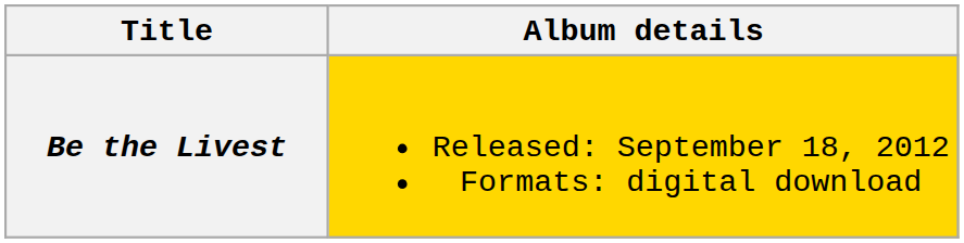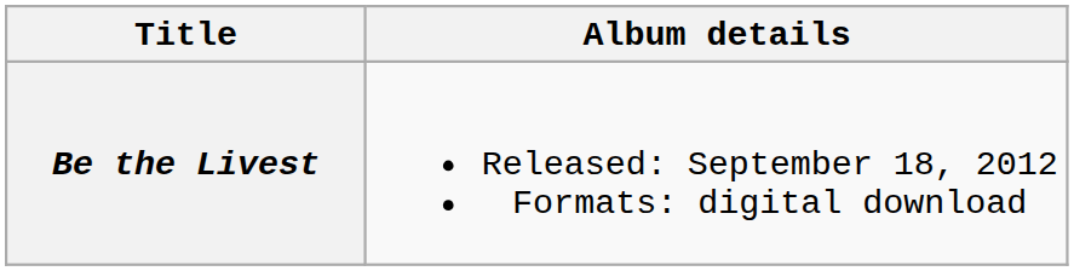 <table class="wikitable plainrowheaders" style="text-align:center;">
 <tr>
 <th scope="col" style="width:10em;">Title</th>
 <th scope="col" style="width:20em;">Album details</th>
 </tr>
 <tr>
 <th scope="row"><em>Be the Livest</em></th>
-<td style="background: gold;"><br><ul><li>Released: September 18, 2012</li><li>Formats: digital download</li></ul></td>
+<td><br><ul><li>Released: September 18, 2012</li><li>Formats: digital download</li></ul></td>
 </tr>
 </table>
